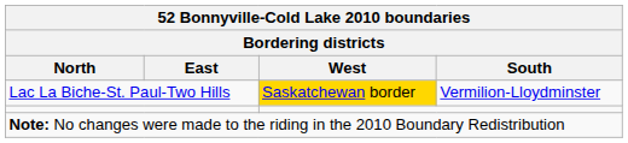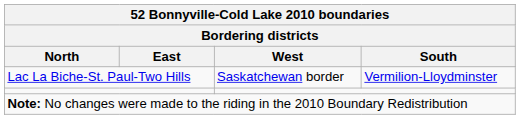 <table class="wikitable collapsible collapsed" style="width:100%;">
 <tr>
 <th colspan=4>52 Bonnyville-Cold Lake 2010 boundaries</th>
 </tr>
 <tr>
 <th colspan=4>Bordering districts</th>
 </tr>
 <tr>
 <th>North</th>
 <th>East</th>
 <th>West</th>
 <th>South</th>
 </tr>
 <tr>
 <td colspan=2><a href='#'>Lac La Biche-St. Paul-Two Hills</a></td>
-<td style="background: gold;"><a href='#'>Saskatchewan</a> border</td>
+<td><a href='#'>Saskatchewan</a> border</td>
 <td><a href='#'>Vermilion-Lloydminster</a></td>
 </tr>
 <tr>
 <td colspan=2 align=center></td>
 <td align=center colspan=2></td>
 </tr>
 <tr>
 <td colspan=4><strong>Note:</strong> No changes were made to the riding in the 2010 Boundary Redistribution</td>
 </tr>
 </table>
